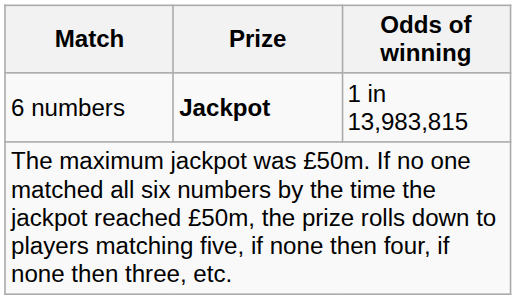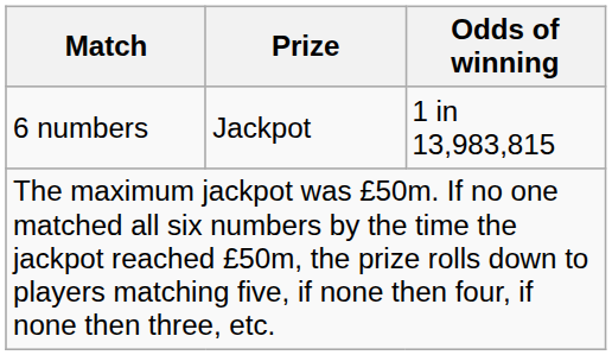 <table class="wikitable" style="font-size:96%; float:right;">
 <tr>
 <th style="width:100px;">Match</th>
 <th style="width:100px;">Prize</th>
 <th style="width:100px;">Odds of winning</th>
 </tr>
 <tr>
 <td>6 numbers</td>
-<td><strong>Jackpot</strong></td>
+<td>Jackpot</td>
 <td>1 in 13,983,815</td>
 </tr>
 <tr>
 <td colspan="3">The maximum jackpot was £50m. If no one matched all six numbers by the time the jackpot reached £50m, the prize rolls down to players matching five, if none then four, if none then three, etc.</td>
 </tr>
 </table>
